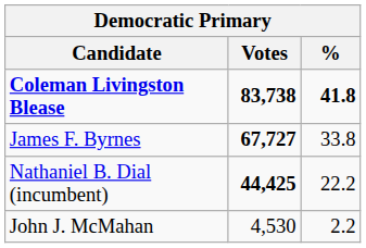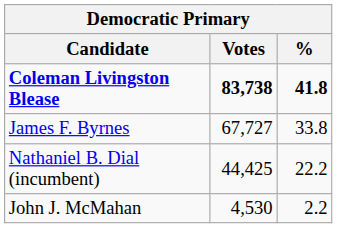 <table class=wikitable>
 <tr>
 <th colspan="3">Democratic Primary</th>
 </tr>
 <tr>
 <th colspan="1" style="width: 170px">Candidate</th>
 <th style="width: 50px">Votes</th>
 <th style="width: 40px">%</th>
 </tr>
 <tr>
 <td><strong><a href='#'>Coleman Livingston Blease</a></strong></td>
 <td align="right"><strong>83,738</strong></td>
 <td align="right"><strong>41.8<em></td>
 </tr>
 <tr>
 <td><a href='#'>James F. Byrnes</a></td>
-<td align="right"><strong>67,727</strong></td>
+<td align="right">67,727</td>
 <td align="right">33.8</td>
 </tr>
 <tr>
 <td><a href='#'>Nathaniel B. Dial</a> (incumbent)</td>
-<td align="right"><strong>44,425</strong></td>
+<td align="right">44,425</td>
 <td align="right">22.2</td>
 </tr>
 <tr>
 <td>John J. McMahan</td>
 <td align="right">4,530</td>
 <td align="right">2.2</td>
 </tr>
 </table>
